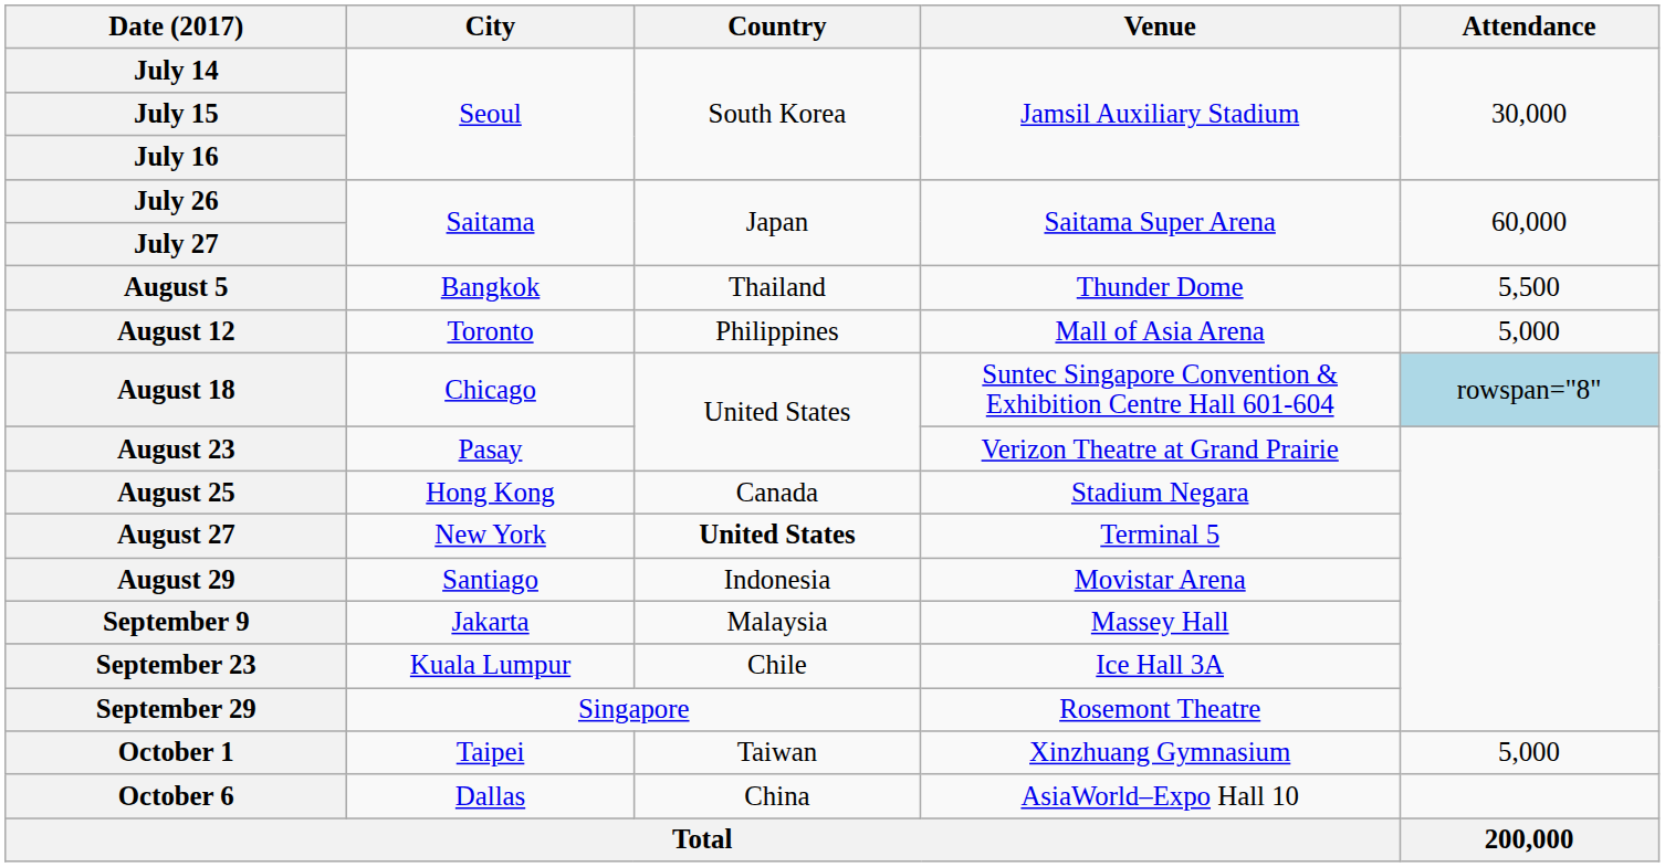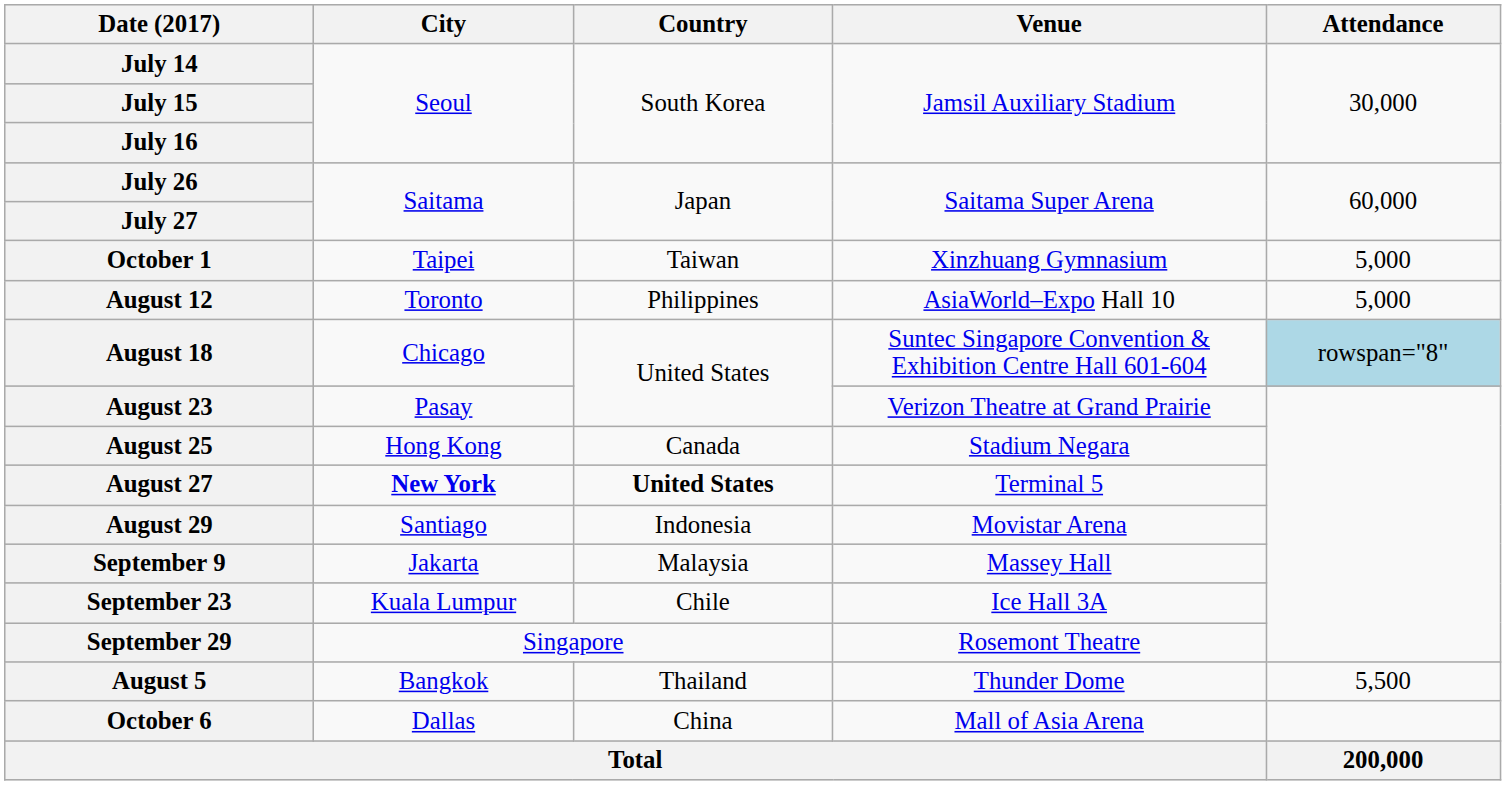 <table class="wikitable plainrowheaders" style="text-align:center;">
 <tr>
 <th scope="col" style="width:12em;">Date (2017)</th>
 <th scope="col" style="width:10em;">City</th>
 <th scope="col" style="width:10em;">Country</th>
 <th scope="col" style="width:17em;">Venue</th>
 <th scope="col" style="width:9em;">Attendance</th>
 </tr>
 <tr>
 <th scope="row">July 14</th>
 <td rowspan="3"><a href='#'>Seoul</a></td>
 <td rowspan="3">South Korea</td>
 <td rowspan="3"><a href='#'>Jamsil Auxiliary Stadium</a></td>
 <td rowspan="3">30,000</td>
 </tr>
 <tr>
 <th scope="row">July 15</th>
 </tr>
 <tr>
 <th scope="row">July 16</th>
 </tr>
 <tr>
 <th scope="row">July 26</th>
 <td rowspan="2"><a href='#'>Saitama</a></td>
 <td rowspan="2">Japan</td>
 <td rowspan="2"><a href='#'>Saitama Super Arena</a></td>
 <td rowspan="2">60,000</td>
 </tr>
 <tr>
 <th scope="row">July 27</th>
 </tr>
 <tr>
-<th scope="row">August 5</th>
-<td><a href='#'>Bangkok</a></td>
-<td>Thailand</td>
-<td><a href='#'>Thunder Dome</a></td>
-<td>5,500</td>
+<th scope="row">October 1</th>
+<td><a href='#'>Taipei</a></td>
+<td>Taiwan</td>
+<td><a href='#'>Xinzhuang Gymnasium</a></td>
+<td>5,000</td>
 </tr>
 <tr>
 <th scope="row">August 12</th>
 <td><a href='#'>Toronto</a></td>
 <td>Philippines</td>
-<td><a href='#'>Mall of Asia Arena</a></td>
+<td><a href='#'>AsiaWorld–Expo</a> Hall 10</td>
 <td>5,000</td>
 </tr>
 <tr>
 <th scope="row">August 18</th>
 <td><a href='#'>Chicago</a></td>
 <td rowspan="2">United States</td>
 <td><a href='#'>Suntec Singapore Convention & Exhibition Centre Hall 601-604</a></td>
 <td style="background: lightblue;">rowspan="8" </td>
 </tr>
 <tr>
 <th scope="row">August 23</th>
 <td><a href='#'>Pasay</a></td>
 <td><a href='#'>Verizon Theatre at Grand Prairie</a></td>
 </tr>
 <tr>
 <th scope="row">August 25</th>
 <td><a href='#'>Hong Kong</a></td>
 <td>Canada</td>
 <td><a href='#'>Stadium Negara</a></td>
 </tr>
 <tr>
 <th scope="row">August 27</th>
-<td><a href='#'>New York</a></td>
+<td><strong><a href='#'>New York</a></strong></td>
 <td><strong>United States</strong></td>
 <td><a href='#'>Terminal 5</a></td>
 </tr>
 <tr>
 <th scope="row">August 29</th>
 <td><a href='#'>Santiago</a></td>
 <td>Indonesia</td>
 <td><a href='#'>Movistar Arena</a></td>
 </tr>
 <tr>
 <th scope="row">September 9</th>
 <td><a href='#'>Jakarta</a></td>
 <td>Malaysia</td>
 <td><a href='#'>Massey Hall</a></td>
 </tr>
 <tr>
 <th scope="row">September 23</th>
 <td><a href='#'>Kuala Lumpur</a></td>
 <td>Chile</td>
 <td><a href='#'>Ice Hall 3A</a></td>
 </tr>
 <tr>
 <th scope="row">September 29</th>
 <td colspan="2"><a href='#'>Singapore</a></td>
 <td><a href='#'>Rosemont Theatre</a></td>
 </tr>
 <tr>
-<th scope="row">October 1</th>
-<td><a href='#'>Taipei</a></td>
-<td>Taiwan</td>
-<td><a href='#'>Xinzhuang Gymnasium</a></td>
-<td>5,000</td>
+<th scope="row">August 5</th>
+<td><a href='#'>Bangkok</a></td>
+<td>Thailand</td>
+<td><a href='#'>Thunder Dome</a></td>
+<td>5,500</td>
 </tr>
 <tr>
 <th scope="row">October 6</th>
 <td><a href='#'>Dallas</a></td>
 <td>China</td>
-<td><a href='#'>AsiaWorld–Expo</a> Hall 10</td>
+<td><a href='#'>Mall of Asia Arena</a></td>
 <td></td>
 </tr>
 <tr>
 <th colspan=4>Total</th>
 <th>200,000</th>
 </tr>
 </table>
